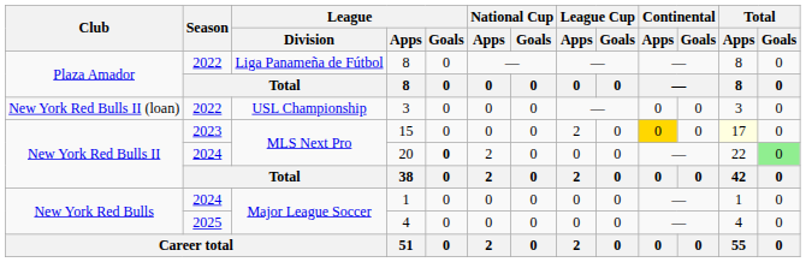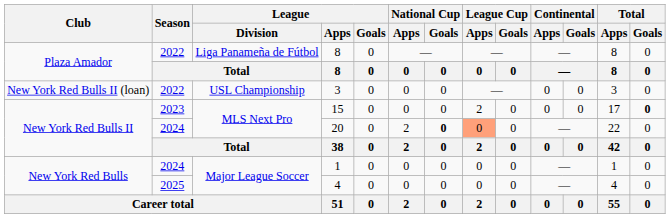 <table class="wikitable" style="text-align:center">
 <tr>
 <th rowspan="2">Club</th>
 <th rowspan="2">Season</th>
 <th colspan="3">League</th>
 <th colspan="2">National Cup </th>
 <th colspan="2">League Cup</th>
 <th colspan="2">Continental</th>
 <th colspan="2">Total</th>
 </tr>
 <tr>
 <th>Division</th>
 <th>Apps</th>
 <th>Goals</th>
 <th>Apps</th>
 <th>Goals</th>
 <th>Apps</th>
 <th>Goals</th>
 <th>Apps</th>
 <th>Goals</th>
 <th>Apps</th>
 <th>Goals</th>
 </tr>
 <tr>
 <td rowspan="2"><a href='#'>Plaza Amador</a></td>
 <td><a href='#'>2022</a></td>
 <td rowspan="1"><a href='#'>Liga Panameña de Fútbol</a></td>
 <td>8</td>
 <td>0</td>
 <td colspan="2">—</td>
 <td colspan="2">—</td>
 <td colspan="2">—</td>
 <td>8</td>
 <td>0</td>
 </tr>
 <tr>
 <th colspan="2">Total</th>
 <th>8</th>
 <th>0</th>
 <th>0</th>
 <th>0</th>
 <th>0</th>
 <th>0</th>
 <th colspan="2">—</th>
 <th>8</th>
 <th>0</th>
 </tr>
 <tr>
 <td><a href='#'>New York Red Bulls II</a> (loan)</td>
 <td><a href='#'>2022</a></td>
 <td><a href='#'>USL Championship</a></td>
 <td>3</td>
 <td>0</td>
 <td>0</td>
 <td>0</td>
 <td colspan="2">—</td>
 <td>0</td>
 <td>0</td>
 <td>3</td>
 <td>0</td>
 </tr>
 <tr>
 <td rowspan="3"><a href='#'>New York Red Bulls II</a></td>
 <td><a href='#'>2023</a></td>
 <td rowspan="2"><a href='#'>MLS Next Pro</a></td>
 <td>15</td>
 <td>0</td>
 <td>0</td>
 <td>0</td>
 <td>2</td>
 <td>0</td>
-<td style="background: gold;">0</td>
 <td>0</td>
-<td style="background: lightyellow;">17</td>
 <td>0</td>
+<td>17</td>
+<td><strong>0</strong></td>
 </tr>
 <tr>
 <td><a href='#'>2024</a></td>
 <td>20</td>
+<td>0</td>
+<td>2</td>
 <td><strong>0</strong></td>
-<td>2</td>
-<td>0</td>
-<td>0</td>
+<td style="background: lightsalmon;">0</td>
 <td>0</td>
 <td colspan="2">—</td>
 <td>22</td>
-<td style="background: lightgreen;">0</td>
+<td>0</td>
 </tr>
 <tr>
 <th colspan="2">Total</th>
 <th>38</th>
 <th>0</th>
 <th>2</th>
 <th>0</th>
 <th>2</th>
 <th>0</th>
 <th>0</th>
 <th>0</th>
 <th>42</th>
 <th>0</th>
 </tr>
 <tr>
 <td rowspan="2"><a href='#'>New York Red Bulls</a></td>
 <td><a href='#'>2024</a></td>
 <td rowspan="2"><a href='#'>Major League Soccer</a></td>
 <td>1</td>
 <td>0</td>
 <td>0</td>
 <td>0</td>
 <td>0</td>
 <td>0</td>
 <td colspan="2">—</td>
 <td>1</td>
 <td>0</td>
 </tr>
 <tr>
 <td><a href='#'>2025</a></td>
 <td>4</td>
 <td>0</td>
 <td>0</td>
 <td>0</td>
 <td>0</td>
 <td>0</td>
 <td colspan="2">—</td>
 <td>4</td>
 <td>0</td>
 </tr>
 <tr>
 <th colspan="3">Career total</th>
 <th>51</th>
 <th>0</th>
 <th>2</th>
 <th>0</th>
 <th>2</th>
 <th>0</th>
 <th>0</th>
 <th>0</th>
 <th>55</th>
 <th>0</th>
 </tr>
 </table>
